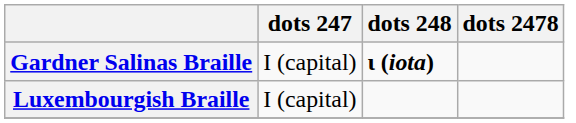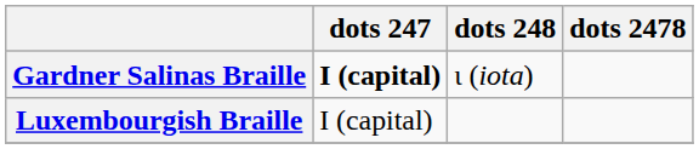 <table class="wikitable">
 <tr>
 <th></th>
 <th>dots 247</th>
 <th>dots 248</th>
 <th>dots 2478</th>
 </tr>
 <tr>
 <th align=left><a href='#'>Gardner Salinas Braille</a></th>
-<td>I (capital)</td>
-<td><strong>ι (<em>iota</em>)</strong></td>
+<td><strong>I (capital)</strong></td>
+<td>ι (<em>iota</em>)</td>
 <td></td>
 </tr>
 <tr>
 <th align=left><a href='#'>Luxembourgish Braille</a></th>
 <td>I (capital)</td>
 <td></td>
 <td></td>
 </tr>
 <tr>
 </tr>
 </table>
